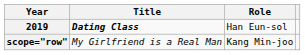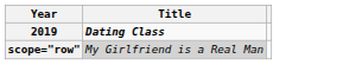 <table class="wikitable plainrowheaders">
 <tr>
 <th scope="col">Year</th>
 <th scope="col">Title</th>
-<th scope="col">Role</th>
 <th scope="col"></th>
 </tr>
 <tr>
 <th scope="row">2019</th>
 <td><strong><em>Dating Class</em></strong></td>
-<td>Han Eun-sol</td>
 <td style="text-align:center"></td>
 </tr>
 <tr>
 <th>scope="row" </th>
-<td><em>My Girlfriend is a Real Man</em></td>
-<td>Kang Min-joo</td>
+<td style="background: lightgrey;"><em>My Girlfriend is a Real Man</em></td>
 <td style="text-align:center"></td>
 </tr>
 </table>
